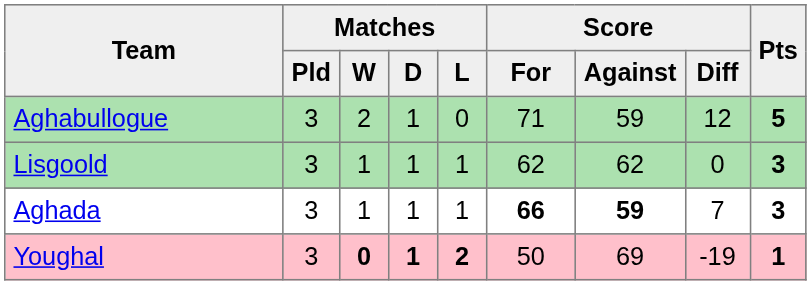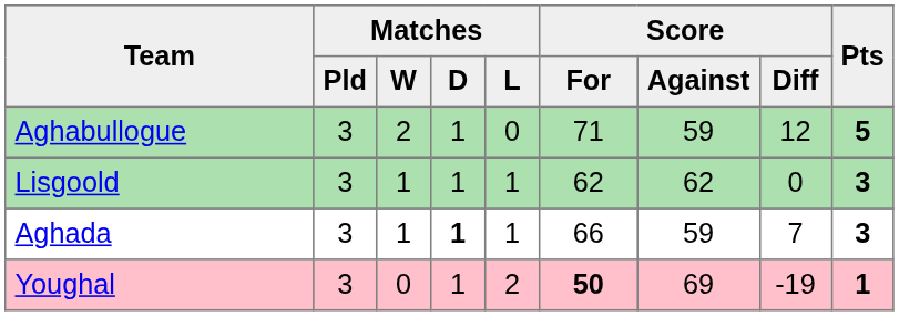 <table style=border-collapse:collapse border=1 cellspacing=0 cellpadding=5>
 <tr align=center bgcolor=#efefef>
 <th rowspan=2 width=165>Team</th>
 <th colspan=4>Matches</th>
 <th colspan=3>Score</th>
 <th rowspan=2width=20>Pts</th>
 </tr>
 <tr align=center bgcolor=#efefef>
 <th width=20>Pld</th>
 <th width=20>W</th>
 <th width=20>D</th>
 <th width=20>L</th>
 <th width=45>For</th>
 <th width=45>Against</th>
 <th width=30>Diff</th>
 </tr>
 <tr align=center style="background:#ACE1AF;">
 <td style="text-align:left;"><a href='#'>Aghabullogue</a></td>
 <td>3</td>
 <td>2</td>
 <td>1</td>
 <td>0</td>
 <td>71</td>
 <td>59</td>
 <td>12</td>
 <td><strong>5</strong></td>
 </tr>
 <tr align=center style="background:#ACE1AF;">
 <td style="text-align:left;"><a href='#'>Lisgoold</a></td>
 <td>3</td>
 <td>1</td>
 <td>1</td>
 <td>1</td>
 <td>62</td>
 <td>62</td>
 <td>0</td>
 <td><strong>3</strong></td>
 </tr>
 <tr align=center>
 <td style="text-align:left;"><a href='#'>Aghada</a></td>
 <td>3</td>
 <td>1</td>
+<td><strong>1</strong></td>
 <td>1</td>
-<td>1</td>
-<td><strong>66</strong></td>
-<td><strong>59</strong></td>
+<td>66</td>
+<td>59</td>
 <td>7</td>
 <td><strong>3</strong></td>
 </tr>
 <tr align=center style="background:#FFC0CB;">
 <td style="text-align:left;"><a href='#'>Youghal</a></td>
 <td>3</td>
-<td><strong>0</strong></td>
-<td><strong>1</strong></td>
-<td><strong>2</strong></td>
-<td>50</td>
+<td>0</td>
+<td>1</td>
+<td>2</td>
+<td><strong>50</strong></td>
 <td>69</td>
 <td>-19</td>
 <td><strong>1</strong></td>
 </tr>
 </table>
